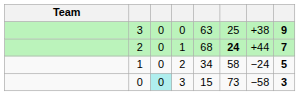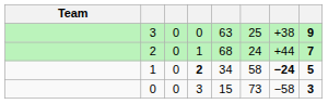 <table class="wikitable" style="text-align:center;">
 <tr>
 <th style="width:11em;">Team</th>
 <th style="width:1.5em;"></th>
 <th style="width:1.5em;"></th>
 <th style="width:1.5em;"></th>
 <th style="width:2.0em;"></th>
 <th style="width:2.0em;"></th>
 <th style="width:2.0em;"></th>
 <th style="width:1.5em;"></th>
 </tr>
 <tr bgcolor=#BBF3BB>
 <td align="left"></td>
 <td>3</td>
 <td>0</td>
 <td>0</td>
 <td>63</td>
 <td>25</td>
 <td>+38</td>
 <td><strong>9</strong></td>
 </tr>
 <tr bgcolor=#BBF3BB>
 <td align="left"></td>
 <td>2</td>
 <td>0</td>
 <td>1</td>
 <td>68</td>
-<td><strong>24</strong></td>
+<td>24</td>
 <td>+44</td>
 <td><strong>7</strong></td>
 </tr>
 <tr>
 <td align="left"></td>
 <td>1</td>
 <td>0</td>
-<td>2</td>
+<td><strong>2</strong></td>
 <td>34</td>
 <td>58</td>
-<td>−24</td>
+<td><strong>−24</strong></td>
 <td><strong>5</strong></td>
 </tr>
 <tr>
 <td align="left"></td>
 <td>0</td>
-<td style="background: paleturquoise;">0</td>
+<td>0</td>
 <td>3</td>
 <td>15</td>
 <td>73</td>
 <td>−58</td>
 <td><strong>3</strong></td>
 </tr>
 </table>
